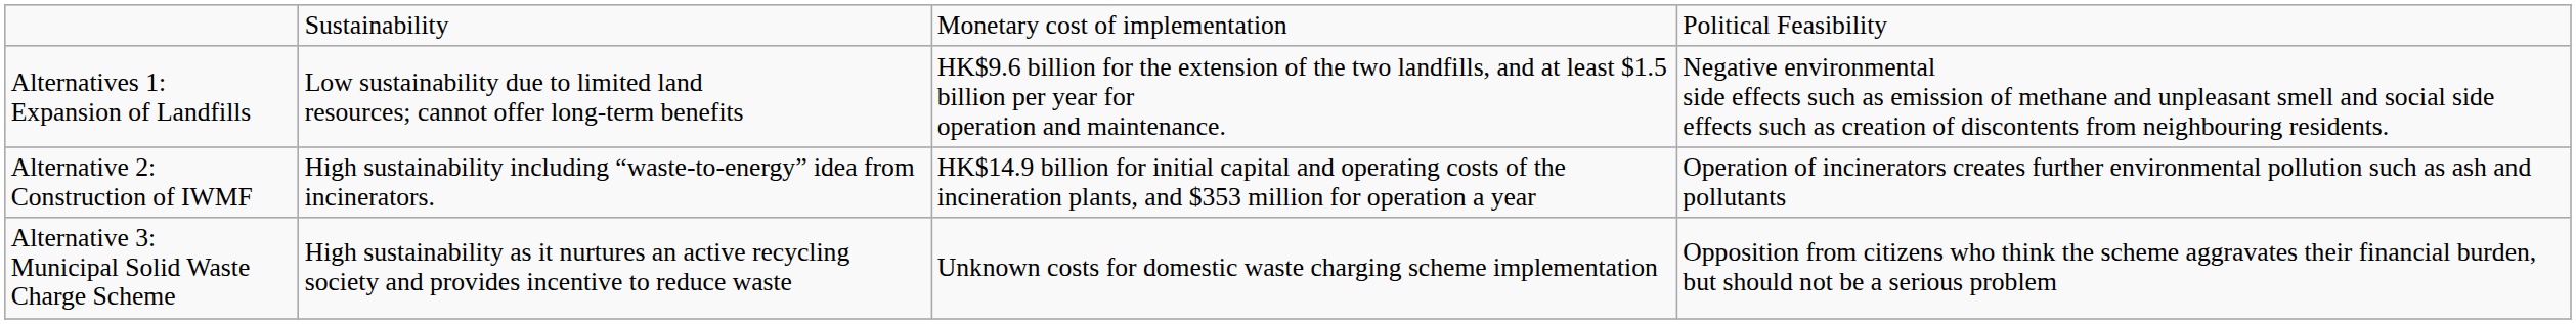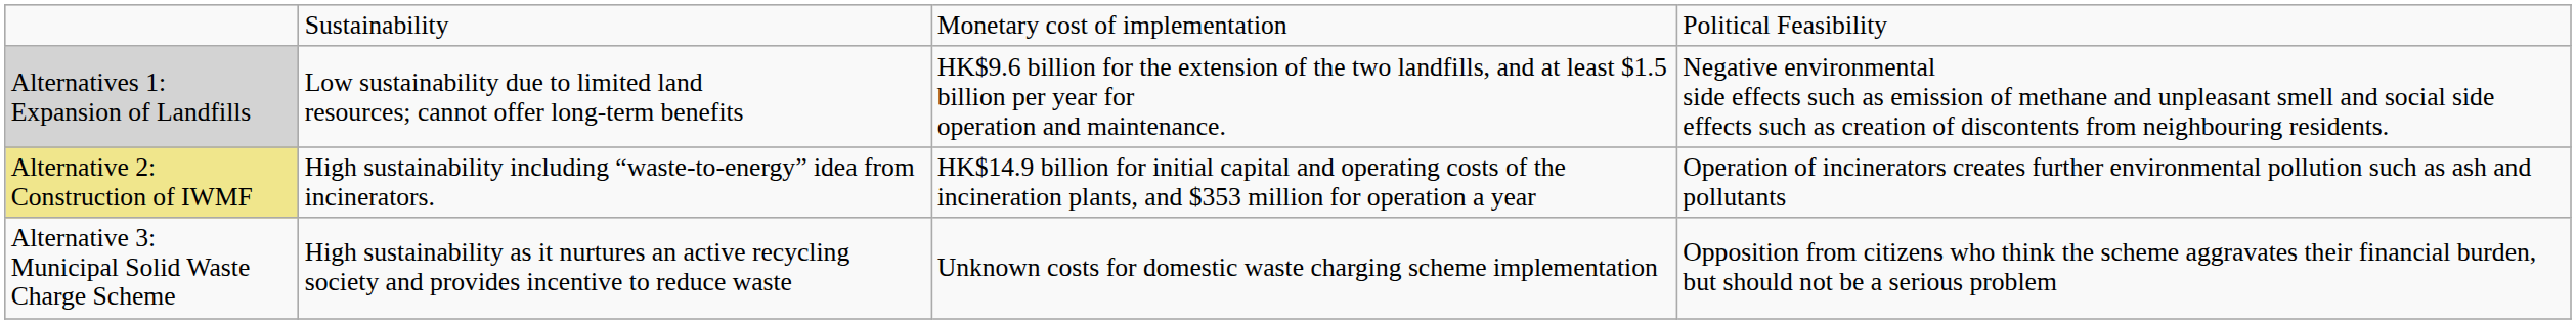 <table class="wikitable">
 <tr>
 <td></td>
 <td>Sustainability</td>
 <td>Monetary cost of implementation</td>
 <td>Political Feasibility</td>
 </tr>
 <tr>
-<td>Alternatives 1:<br>Expansion of Landfills</td>
+<td style="background: lightgrey;">Alternatives 1:<br>Expansion of Landfills</td>
 <td>Low sustainability due to limited land<br>resources; cannot offer long-term benefits</td>
 <td>HK$9.6  billion for the extension of the two landfills, and at least $1.5 billion per  year for<br>operation and maintenance.</td>
 <td>Negative environmental<br>side effects such as emission of methane  and unpleasant smell and social side effects such as creation of discontents  from neighbouring residents.</td>
 </tr>
 <tr>
-<td>Alternative 2:<br>Construction of IWMF</td>
+<td style="background: khaki;">Alternative 2:<br>Construction of IWMF</td>
 <td>High  sustainability including “waste-to-energy” idea from incinerators.</td>
 <td>HK$14.9  billion for initial capital and operating costs of the incineration plants,  and $353 million for operation a year</td>
 <td>Operation  of incinerators creates further environmental pollution such as ash and  pollutants</td>
 </tr>
 <tr>
 <td>Alternative 3:<br>Municipal Solid Waste Charge Scheme</td>
 <td>High  sustainability as it nurtures an active recycling society and provides  incentive to reduce waste</td>
 <td>Unknown  costs for domestic waste charging scheme implementation</td>
 <td>Opposition  from citizens who think the scheme aggravates their financial burden, but  should not be a serious problem</td>
 </tr>
 </table>
